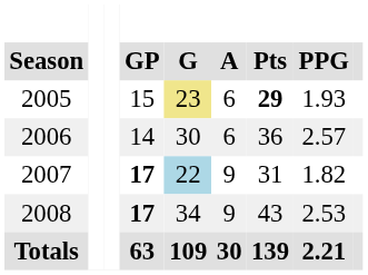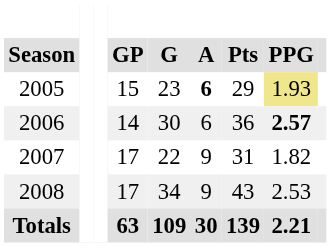 <table BORDER="0" CELLPADDING="3" CELLSPACING="0">
 <tr ALIGN="center" bgcolor="#e0e0e0">
 <th colspan="1" bgcolor="#ffffff"> </th>
 <th rowspan="99" bgcolor="#ffffff"> </th>
 <th rowspan="99" bgcolor="#ffffff"> </th>
 </tr>
 <tr ALIGN="center" bgcolor="#e0e0e0">
 <th>Season</th>
 <th>GP</th>
 <th>G</th>
 <th>A</th>
 <th>Pts</th>
 <th>PPG</th>
 <th></th>
 </tr>
 <tr ALIGN="center">
 <td>2005</td>
 <td>15</td>
-<td style="background: khaki;">23</td>
-<td>6</td>
-<td><strong>29</strong></td>
-<td>1.93</td>
+<td>23</td>
+<td><strong>6</strong></td>
+<td>29</td>
+<td style="background: khaki;">1.93</td>
 <td></td>
 </tr>
 <tr ALIGN="center" bgcolor="#f0f0f0">
 <td>2006</td>
 <td>14</td>
 <td>30</td>
 <td>6</td>
 <td>36</td>
-<td>2.57</td>
+<td><strong>2.57</strong></td>
 <td></td>
 </tr>
 <tr ALIGN="center">
 <td>2007</td>
-<td><strong>17</strong></td>
-<td style="background: lightblue;">22</td>
+<td>17</td>
+<td>22</td>
 <td>9</td>
 <td>31</td>
 <td>1.82</td>
 <td></td>
 </tr>
 <tr ALIGN="center" bgcolor="#f0f0f0">
 <td>2008</td>
-<td><strong>17</strong></td>
+<td>17</td>
 <td>34</td>
 <td>9</td>
 <td>43</td>
 <td>2.53</td>
 <td></td>
 </tr>
 <tr ALIGN="center" bgcolor="#e0e0e0">
 <th colspan="1.5">Totals</th>
 <th>63</th>
 <th>109</th>
 <th>30</th>
 <th>139</th>
 <th>2.21</th>
 <th></th>
 </tr>
 </table>
